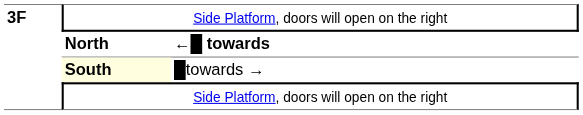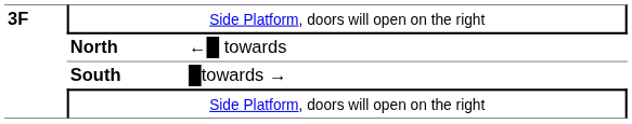 <table table border=0 cellspacing=0 cellpadding=3>
 <tr>
 <td style="border-top:solid 1px gray;border-bottom:solid 1px gray;" width=50 rowspan=4 valign=top><strong>3F</strong></td>
 <td style="border-right:solid 2px black;border-left:solid 2px black;border-bottom:solid 2px black;border-top:solid 1px gray;text-align:center;" colspan=2><small><a href='#'>Side Platform</a>, doors will open on the right</small></td>
 </tr>
 <tr>
 <td style="border-bottom:solid 1px gray;" width=100><strong>North</strong></td>
-<td style="border-bottom:solid 1px gray;" width=390><strong>←<span>█</span>  towards </strong></td>
+<td style="border-bottom:solid 1px gray;" width=390>←<span>█</span>  towards </td>
 </tr>
 <tr>
-<td style="background: lightyellow;"><strong>South</strong></td>
+<td><strong>South</strong></td>
 <td><span>█</span>towards →</td>
 </tr>
 <tr>
 <td style="border-top:solid 2px black;border-right:solid 2px black;border-left:solid 2px black;border-bottom:solid 1px gray;text-align:center;" colspan=2><small><a href='#'>Side Platform</a>, doors will open on the right</small></td>
 </tr>
 </table>
